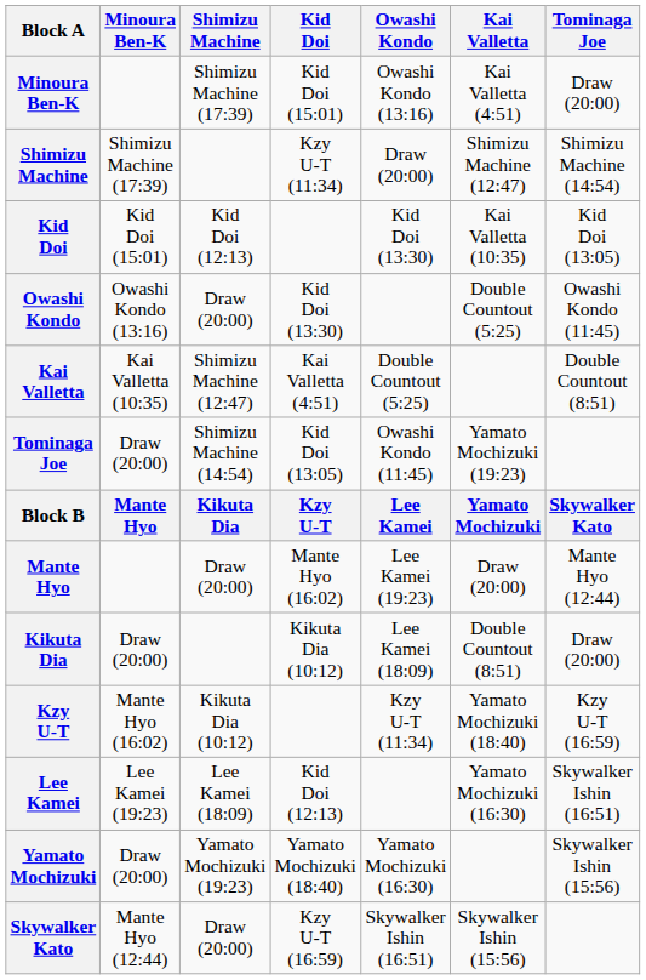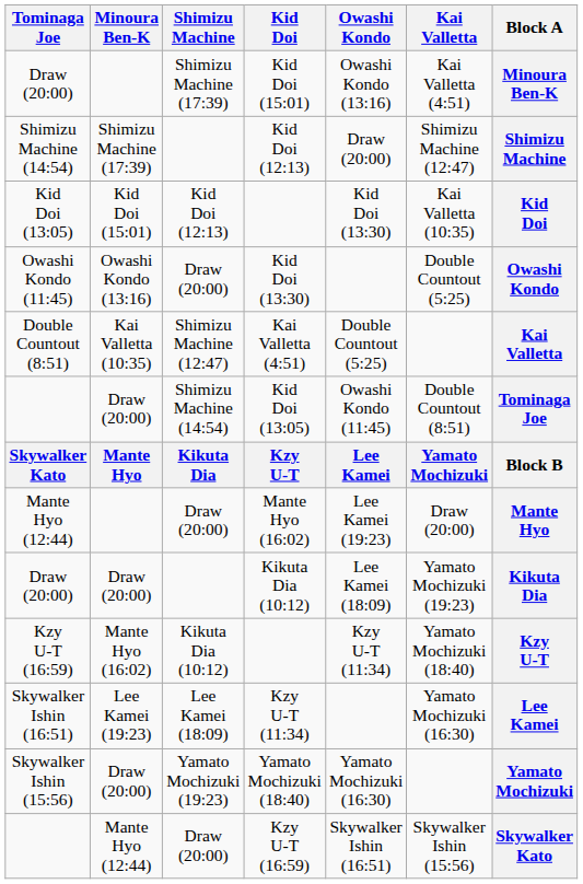 <table class="wikitable" style="margin: 1em auto 1em auto;text-align:center">
 <tr>
-<th>Block A</th>
+<th><a href='#'>Tominaga</a><br><a href='#'>Joe</a></th>
 <th><a href='#'>Minoura</a><br><a href='#'>Ben-K</a></th>
 <th><a href='#'>Shimizu</a><br><a href='#'>Machine</a></th>
 <th><a href='#'>Kid</a><br><a href='#'>Doi</a></th>
 <th><a href='#'>Owashi</a><br><a href='#'>Kondo</a></th>
 <th><a href='#'>Kai</a><br><a href='#'>Valletta</a></th>
-<th><a href='#'>Tominaga</a><br><a href='#'>Joe</a></th>
+<th>Block A</th>
 </tr>
 <tr>
-<th><a href='#'>Minoura</a><br><a href='#'>Ben-K</a></th>
+<td>Draw<br>(20:00)</td>
 <td></td>
 <td>Shimizu<br>Machine<br>(17:39)</td>
 <td>Kid<br>Doi<br>(15:01)</td>
 <td>Owashi<br>Kondo<br>(13:16)</td>
 <td>Kai<br>Valletta<br>(4:51)</td>
-<td>Draw<br>(20:00)</td>
+<th><a href='#'>Minoura</a><br><a href='#'>Ben-K</a></th>
 </tr>
 <tr>
-<th><a href='#'>Shimizu</a><br><a href='#'>Machine</a></th>
+<td>Shimizu<br>Machine<br>(14:54)</td>
 <td>Shimizu<br>Machine<br>(17:39)</td>
 <td></td>
-<td>Kzy<br>U-T<br>(11:34)</td>
+<td>Kid<br>Doi<br>(12:13)</td>
 <td>Draw<br>(20:00)</td>
 <td>Shimizu<br>Machine<br>(12:47)</td>
-<td>Shimizu<br>Machine<br>(14:54)</td>
+<th><a href='#'>Shimizu</a><br><a href='#'>Machine</a></th>
 </tr>
 <tr>
-<th><a href='#'>Kid</a><br><a href='#'>Doi</a></th>
+<td>Kid<br>Doi<br>(13:05)</td>
 <td>Kid<br>Doi<br>(15:01)</td>
 <td>Kid<br>Doi<br>(12:13)</td>
 <td></td>
 <td>Kid<br>Doi<br>(13:30)</td>
 <td>Kai<br>Valletta<br>(10:35)</td>
-<td>Kid<br>Doi<br>(13:05)</td>
+<th><a href='#'>Kid</a><br><a href='#'>Doi</a></th>
 </tr>
 <tr>
-<th><a href='#'>Owashi</a><br><a href='#'>Kondo</a></th>
+<td>Owashi<br>Kondo<br>(11:45)</td>
 <td>Owashi<br>Kondo<br>(13:16)</td>
 <td>Draw<br>(20:00)</td>
 <td>Kid<br>Doi<br>(13:30)</td>
 <td></td>
 <td>Double<br>Countout<br>(5:25)</td>
-<td>Owashi<br>Kondo<br>(11:45)</td>
+<th><a href='#'>Owashi</a><br><a href='#'>Kondo</a></th>
 </tr>
 <tr>
-<th><a href='#'>Kai</a><br><a href='#'>Valletta</a></th>
+<td>Double<br>Countout<br>(8:51)</td>
 <td>Kai<br>Valletta<br>(10:35)</td>
 <td>Shimizu<br>Machine<br>(12:47)</td>
 <td>Kai<br>Valletta<br>(4:51)</td>
 <td>Double<br>Countout<br>(5:25)</td>
 <td></td>
-<td>Double<br>Countout<br>(8:51)</td>
+<th><a href='#'>Kai</a><br><a href='#'>Valletta</a></th>
 </tr>
 <tr>
-<th><a href='#'>Tominaga</a><br><a href='#'>Joe</a></th>
+<td></td>
 <td>Draw<br>(20:00)</td>
 <td>Shimizu<br>Machine<br>(14:54)</td>
 <td>Kid<br>Doi<br>(13:05)</td>
 <td>Owashi<br>Kondo<br>(11:45)</td>
-<td>Yamato<br>Mochizuki<br>(19:23)</td>
-<td></td>
+<td>Double<br>Countout<br>(8:51)</td>
+<th><a href='#'>Tominaga</a><br><a href='#'>Joe</a></th>
 </tr>
 <tr>
-<th>Block B</th>
+<th><a href='#'>Skywalker</a><br><a href='#'>Kato</a></th>
 <th><a href='#'>Mante</a><br><a href='#'>Hyo</a></th>
 <th><a href='#'>Kikuta</a><br><a href='#'>Dia</a></th>
 <th><a href='#'>Kzy</a><br><a href='#'>U-T</a></th>
 <th><a href='#'>Lee</a><br><a href='#'>Kamei</a></th>
 <th><a href='#'>Yamato</a><br><a href='#'>Mochizuki</a></th>
-<th><a href='#'>Skywalker</a><br><a href='#'>Kato</a></th>
+<th>Block B</th>
 </tr>
 <tr>
-<th><a href='#'>Mante</a><br><a href='#'>Hyo</a></th>
+<td>Mante<br>Hyo<br>(12:44)</td>
 <td></td>
 <td>Draw<br>(20:00)</td>
 <td>Mante<br>Hyo<br>(16:02)</td>
 <td>Lee<br>Kamei<br>(19:23)</td>
 <td>Draw<br>(20:00)</td>
-<td>Mante<br>Hyo<br>(12:44)</td>
+<th><a href='#'>Mante</a><br><a href='#'>Hyo</a></th>
 </tr>
 <tr>
-<th><a href='#'>Kikuta</a><br><a href='#'>Dia</a></th>
+<td>Draw<br>(20:00)</td>
 <td>Draw<br>(20:00)</td>
 <td></td>
 <td>Kikuta<br>Dia<br>(10:12)</td>
 <td>Lee<br>Kamei<br>(18:09)</td>
-<td>Double<br>Countout<br>(8:51)</td>
-<td>Draw<br>(20:00)</td>
+<td>Yamato<br>Mochizuki<br>(19:23)</td>
+<th><a href='#'>Kikuta</a><br><a href='#'>Dia</a></th>
 </tr>
 <tr>
-<th><a href='#'>Kzy</a><br><a href='#'>U-T</a></th>
+<td>Kzy<br>U-T<br>(16:59)</td>
 <td>Mante<br>Hyo<br>(16:02)</td>
 <td>Kikuta<br>Dia<br>(10:12)</td>
 <td></td>
 <td>Kzy<br>U-T<br>(11:34)</td>
 <td>Yamato<br>Mochizuki<br>(18:40)</td>
-<td>Kzy<br>U-T<br>(16:59)</td>
+<th><a href='#'>Kzy</a><br><a href='#'>U-T</a></th>
 </tr>
 <tr>
-<th><a href='#'>Lee</a><br><a href='#'>Kamei</a></th>
+<td>Skywalker<br>Ishin<br>(16:51)</td>
 <td>Lee<br>Kamei<br>(19:23)</td>
 <td>Lee<br>Kamei<br>(18:09)</td>
-<td>Kid<br>Doi<br>(12:13)</td>
+<td>Kzy<br>U-T<br>(11:34)</td>
 <td></td>
 <td>Yamato<br>Mochizuki<br>(16:30)</td>
-<td>Skywalker<br>Ishin<br>(16:51)</td>
+<th><a href='#'>Lee</a><br><a href='#'>Kamei</a></th>
 </tr>
 <tr>
-<th><a href='#'>Yamato</a><br><a href='#'>Mochizuki</a></th>
+<td>Skywalker<br>Ishin<br>(15:56)</td>
 <td>Draw<br>(20:00)</td>
 <td>Yamato<br>Mochizuki<br>(19:23)</td>
 <td>Yamato<br>Mochizuki<br>(18:40)</td>
 <td>Yamato<br>Mochizuki<br>(16:30)</td>
 <td></td>
-<td>Skywalker<br>Ishin<br>(15:56)</td>
+<th><a href='#'>Yamato</a><br><a href='#'>Mochizuki</a></th>
 </tr>
 <tr>
-<th><a href='#'>Skywalker</a><br><a href='#'>Kato</a></th>
+<td></td>
 <td>Mante<br>Hyo<br>(12:44)</td>
 <td>Draw<br>(20:00)</td>
 <td>Kzy<br>U-T<br>(16:59)</td>
 <td>Skywalker<br>Ishin<br>(16:51)</td>
 <td>Skywalker<br>Ishin<br>(15:56)</td>
-<td></td>
+<th><a href='#'>Skywalker</a><br><a href='#'>Kato</a></th>
 </tr>
 </table>
